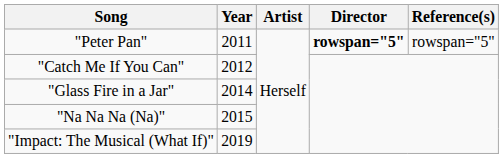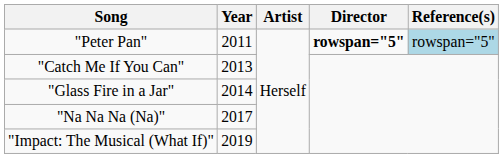 <table class="wikitable" style="text-align:center;">
 <tr>
 <th>Song</th>
 <th>Year</th>
 <th>Artist</th>
 <th>Director</th>
 <th>Reference(s)</th>
 </tr>
 <tr>
 <td>"Peter Pan"</td>
 <td>2011</td>
 <td rowspan="5">Herself</td>
 <td><strong>rowspan="5" </strong></td>
-<td>rowspan="5" </td>
+<td style="background: lightblue;">rowspan="5" </td>
 </tr>
 <tr>
 <td>"Catch Me If You Can"</td>
-<td>2012</td>
+<td>2013</td>
 </tr>
 <tr>
 <td>"Glass Fire in a Jar"</td>
 <td>2014</td>
 </tr>
 <tr>
 <td>"Na Na Na (Na)"</td>
-<td>2015</td>
+<td>2017</td>
 </tr>
 <tr>
 <td>"Impact: The Musical (What If)"</td>
 <td>2019</td>
 </tr>
 </table>
